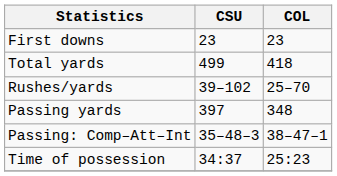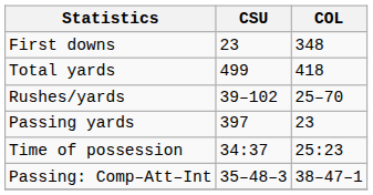 <table class="wikitable" style="float: left;">
 <tr>
 <th>Statistics</th>
 <th>CSU</th>
 <th>COL</th>
 </tr>
 <tr>
 <td>First downs</td>
 <td>23</td>
-<td>23</td>
+<td>348</td>
 </tr>
 <tr>
 <td>Total yards</td>
 <td>499</td>
 <td>418</td>
 </tr>
 <tr>
 <td>Rushes/yards</td>
 <td>39–102</td>
 <td>25–70</td>
 </tr>
 <tr>
 <td>Passing yards</td>
 <td>397</td>
-<td>348</td>
+<td>23</td>
+</tr>
+<tr>
+<td>Time of possession</td>
+<td>34:37</td>
+<td>25:23</td>
 </tr>
 <tr>
 <td>Passing: Comp–Att–Int</td>
 <td>35–48–3</td>
 <td>38–47–1</td>
 </tr>
 <tr>
-<td>Time of possession</td>
-<td>34:37</td>
-<td>25:23</td>
-</tr>
-<tr>
 </tr>
 </table>
